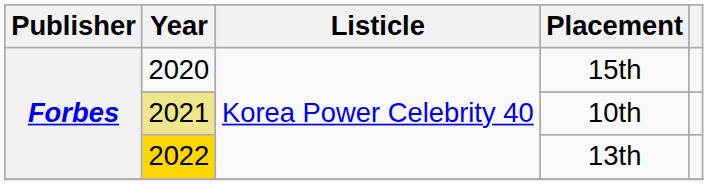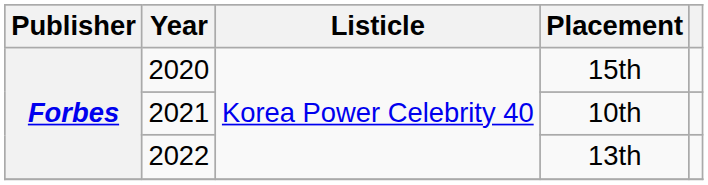 <table class="wikitable plainrowheaders sortable" style="margin-right: 0;">
 <tr>
 <th scope="col">Publisher</th>
 <th scope="col">Year</th>
 <th scope="col">Listicle</th>
 <th scope="col">Placement</th>
 <th scope="col" class="unsortable"></th>
 </tr>
 <tr>
 <th scope="row" rowspan="3"><em><a href='#'>Forbes</a></em></th>
 <td>2020</td>
 <td rowspan="3"><a href='#'>Korea Power Celebrity 40</a></td>
 <td style="text-align:center;">15th</td>
 <td style="text-align:center;"></td>
 </tr>
 <tr>
-<td style="background: khaki;">2021</td>
+<td>2021</td>
 <td style="text-align:center;">10th</td>
 <td style="text-align:center;"></td>
 </tr>
 <tr>
-<td style="background: gold;">2022</td>
+<td>2022</td>
 <td style="text-align:center;">13th</td>
 <td style="text-align:center;"></td>
 </tr>
 <tr>
 </tr>
 </table>
